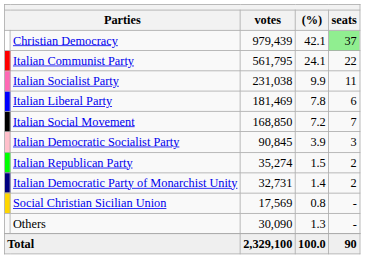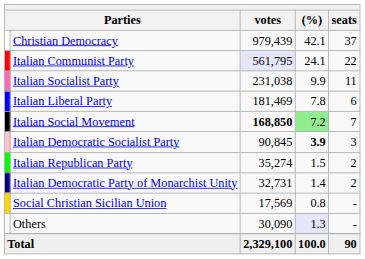 <table class="wikitable" style="font-size:95%">
 <tr>
 <th colspan=5></th>
 </tr>
 <tr bgcolor="EFEFEF">
 <th Colspan=2>Parties</th>
 <th>votes</th>
 <th>(%)</th>
 <th>seats</th>
 </tr>
 <tr>
 <td bgcolor=White></td>
 <td><a href='#'>Christian Democracy</a></td>
 <td align=right>979,439</td>
 <td align=right>42.1</td>
-<td align=right style="background: lightgreen;">37</td>
+<td align=right>37</td>
 </tr>
 <tr>
 <td bgcolor=Red></td>
 <td><a href='#'>Italian Communist Party</a></td>
-<td align=right>561,795</td>
+<td align=right style="background: lavender;">561,795</td>
 <td align=right>24.1</td>
 <td align=right>22</td>
 </tr>
 <tr>
 <td bgcolor=Hotpink></td>
 <td><a href='#'>Italian Socialist Party</a></td>
 <td align=right>231,038</td>
 <td align=right>9.9</td>
 <td align=right>11</td>
 </tr>
 <tr>
 <td bgcolor=Blue></td>
 <td><a href='#'>Italian Liberal Party</a></td>
 <td align=right>181,469</td>
 <td align=right>7.8</td>
 <td align=right>6</td>
 </tr>
 <tr>
 <td bgcolor=Black></td>
 <td><a href='#'>Italian Social Movement</a></td>
-<td align=right>168,850</td>
-<td align=right>7.2</td>
+<td align=right><strong>168,850</strong></td>
+<td align=right style="background: lightgreen;">7.2</td>
 <td align=right>7</td>
 </tr>
 <tr>
 <td bgcolor=Pink></td>
 <td><a href='#'>Italian Democratic Socialist Party</a></td>
 <td align=right>90,845</td>
-<td align=right>3.9</td>
+<td align=right><strong>3.9</strong></td>
 <td align=right>3</td>
 </tr>
 <tr>
 <td bgcolor=Lime></td>
 <td><a href='#'>Italian Republican Party</a></td>
 <td align=right>35,274</td>
 <td align=right>1.5</td>
 <td align=right>2</td>
 </tr>
 <tr>
 <td bgcolor=Navy></td>
 <td><a href='#'>Italian Democratic Party of Monarchist Unity</a></td>
 <td align=right>32,731</td>
 <td align=right>1.4</td>
 <td align=right>2</td>
 </tr>
 <tr>
 <td bgcolor=Gold></td>
 <td><a href='#'>Social Christian Sicilian Union</a></td>
 <td align=right>17,569</td>
 <td align=right>0.8</td>
 <td align=right>-</td>
 </tr>
 <tr>
 <td bgcolor=></td>
 <td>Others</td>
 <td align=right>30,090</td>
-<td align=right>1.3</td>
+<td align=right style="background: lavender;">1.3</td>
 <td align=right>-</td>
 </tr>
 <tr>
 </tr>
 <tr bgcolor="EFEFEF">
 <td colspan=2><strong>Total</strong></td>
 <td align=right><strong>2,329,100</strong></td>
 <td align=right><strong>100.0</strong></td>
 <td align=right><strong>90</strong></td>
 </tr>
 </table>
